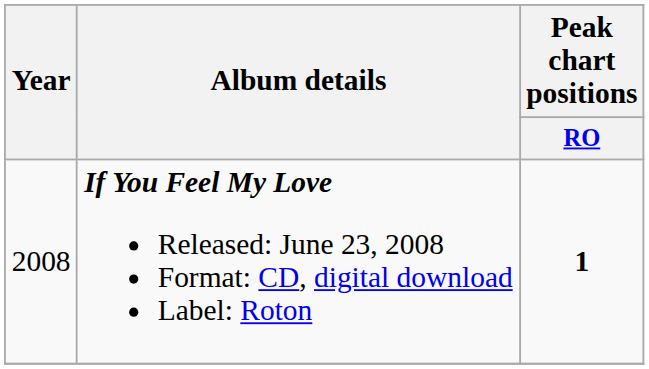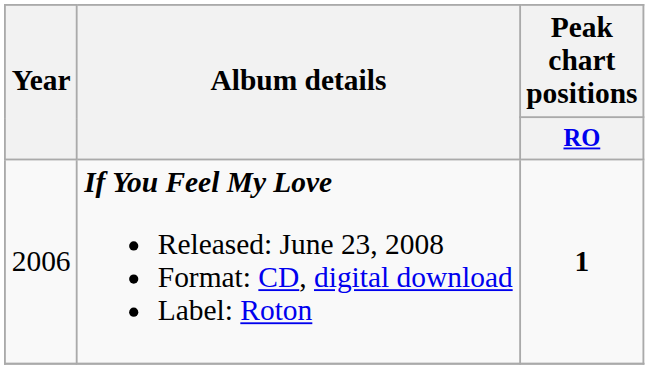 <table class="wikitable" style="text-align:center;">
 <tr>
 <th rowspan=2>Year</th>
 <th rowspan=2>Album details</th>
 <th colspan=1>Peak chart positions</th>
 </tr>
 <tr style=font-size:smaller;>
 <th width=30><a href='#'>RO</a></th>
 </tr>
 <tr>
-<td>2008</td>
+<td>2006</td>
 <td align=left><strong><em>If You Feel My Love</em></strong><br><ul><li>Released: June 23, 2008</li><li>Format: <a href='#'>CD</a>, <a href='#'>digital download</a></li><li>Label: <a href='#'>Roton</a></li></ul></td>
 <td><strong>1</strong></td>
 </tr>
 <tr>
 </tr>
 </table>
